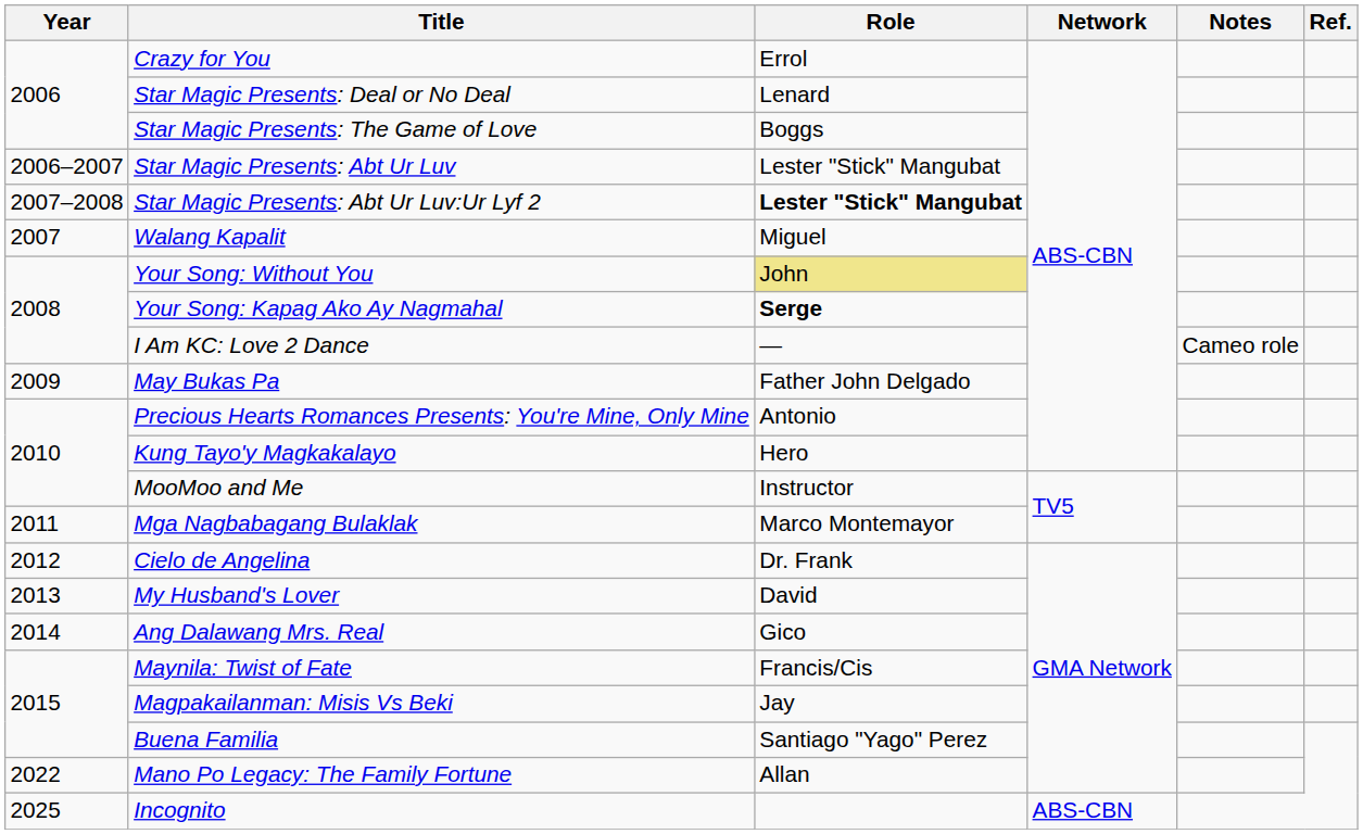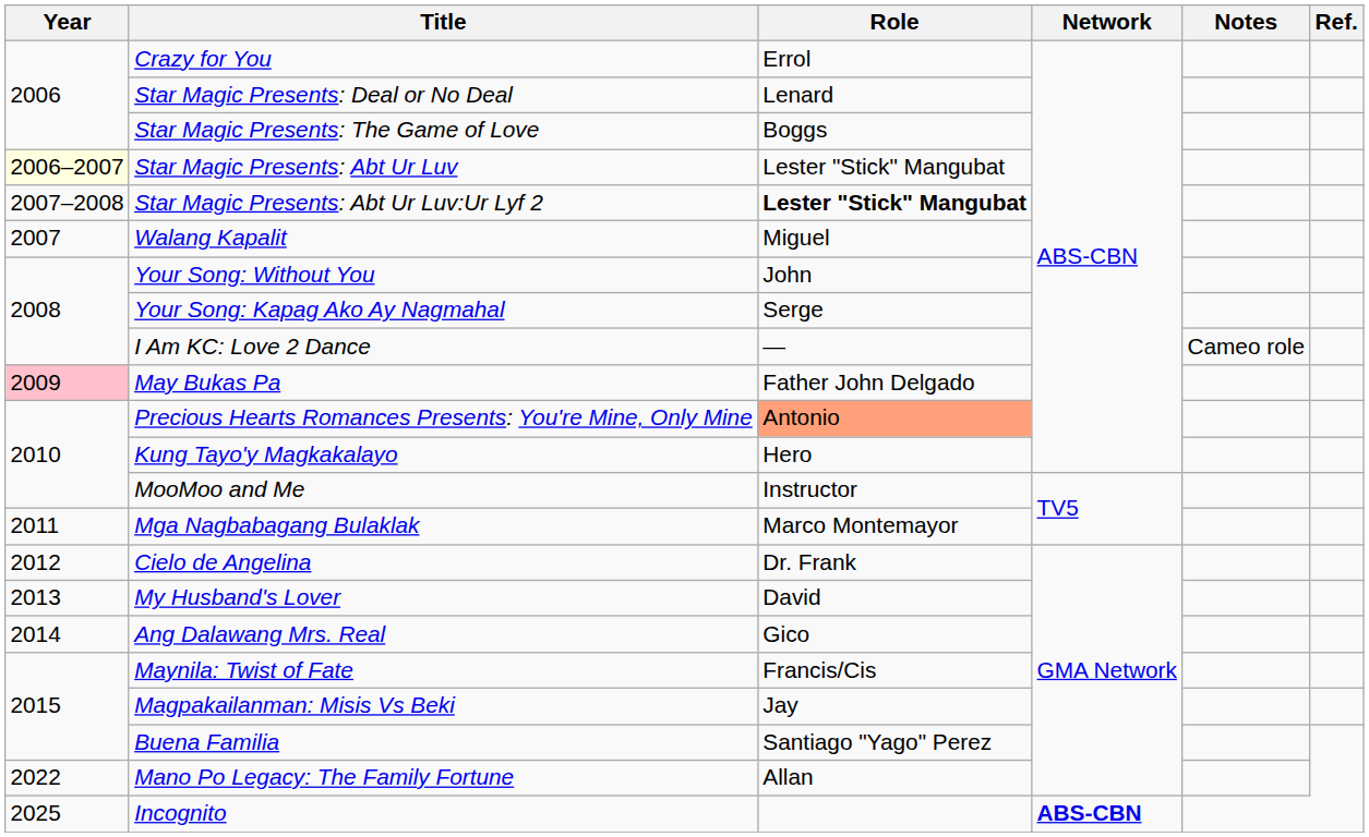 <table class="wikitable sortable">
 <tr>
 <th>Year</th>
 <th>Title</th>
 <th>Role</th>
 <th>Network</th>
 <th class="unsortable">Notes</th>
 <th>Ref.</th>
 </tr>
 <tr>
 <td rowspan="3">2006</td>
 <td><em><a href='#'>Crazy for You</a></em></td>
 <td>Errol</td>
 <td rowspan="12"><a href='#'>ABS-CBN</a></td>
 <td></td>
 <td></td>
 </tr>
 <tr>
 <td><em><a href='#'>Star Magic Presents</a>: Deal or No Deal</em></td>
 <td>Lenard</td>
 <td></td>
 <td></td>
 </tr>
 <tr>
 <td><em><a href='#'>Star Magic Presents</a>: The Game of Love</em></td>
 <td>Boggs</td>
 <td></td>
 <td></td>
 </tr>
 <tr>
-<td>2006–2007</td>
+<td style="background: lightyellow;">2006–2007</td>
 <td><em><a href='#'>Star Magic Presents</a>: <a href='#'>Abt Ur Luv</a></em></td>
 <td>Lester "Stick" Mangubat</td>
 <td></td>
 <td></td>
 </tr>
 <tr>
 <td>2007–2008</td>
 <td><em><a href='#'>Star Magic Presents</a>: Abt Ur Luv:Ur Lyf 2</em></td>
 <td><strong>Lester "Stick" Mangubat</strong></td>
 <td></td>
 <td></td>
 </tr>
 <tr>
 <td>2007</td>
 <td><em><a href='#'>Walang Kapalit</a></em></td>
 <td>Miguel</td>
 <td></td>
 <td></td>
 </tr>
 <tr>
 <td rowspan="3">2008</td>
 <td><em><a href='#'>Your Song: Without You</a></em></td>
-<td style="background: khaki;">John</td>
+<td>John</td>
 <td></td>
 <td></td>
 </tr>
 <tr>
 <td><em><a href='#'>Your Song: Kapag Ako Ay Nagmahal</a></em></td>
-<td><strong>Serge</strong></td>
+<td>Serge</td>
 <td></td>
 <td></td>
 </tr>
 <tr>
 <td><em>I Am KC: Love 2 Dance</em></td>
 <td>—</td>
 <td>Cameo role</td>
 <td></td>
 </tr>
 <tr>
-<td>2009</td>
+<td style="background: pink;">2009</td>
 <td><em><a href='#'>May Bukas Pa</a></em></td>
 <td>Father John Delgado</td>
 <td></td>
 <td></td>
 </tr>
 <tr>
 <td rowspan="3">2010</td>
 <td><em><a href='#'>Precious Hearts Romances Presents</a>: <a href='#'>You're Mine, Only Mine</a></em></td>
-<td>Antonio</td>
+<td style="background: lightsalmon;">Antonio</td>
 <td></td>
 <td></td>
 </tr>
 <tr>
 <td><em><a href='#'>Kung Tayo'y Magkakalayo</a></em></td>
 <td>Hero</td>
 <td></td>
 <td></td>
 </tr>
 <tr>
 <td><em>MooMoo and Me</em></td>
 <td>Instructor</td>
 <td rowspan="2"><a href='#'>TV5</a></td>
 <td></td>
 <td></td>
 </tr>
 <tr>
 <td>2011</td>
 <td><em><a href='#'>Mga Nagbabagang Bulaklak</a></em></td>
 <td>Marco Montemayor</td>
 <td></td>
 <td></td>
 </tr>
 <tr>
 <td>2012</td>
 <td><em><a href='#'>Cielo de Angelina</a></em></td>
 <td>Dr. Frank</td>
 <td rowspan="7"><a href='#'>GMA Network</a></td>
 <td></td>
 <td></td>
 </tr>
 <tr>
 <td>2013</td>
 <td><em><a href='#'>My Husband's Lover</a></em></td>
 <td>David</td>
 <td></td>
 <td></td>
 </tr>
 <tr>
 <td>2014</td>
 <td><em><a href='#'>Ang Dalawang Mrs. Real</a></em></td>
 <td>Gico</td>
 <td></td>
 <td></td>
 </tr>
 <tr>
 <td rowspan="3">2015</td>
 <td><em><a href='#'>Maynila: Twist of Fate</a></em></td>
 <td>Francis/Cis</td>
 <td></td>
 <td></td>
 </tr>
 <tr>
 <td><em><a href='#'>Magpakailanman: Misis Vs Beki</a></em></td>
 <td>Jay</td>
 <td></td>
 <td></td>
 </tr>
 <tr>
 <td><em><a href='#'>Buena Familia</a></em></td>
 <td>Santiago "Yago" Perez</td>
 <td></td>
 </tr>
 <tr>
 <td>2022</td>
 <td><em><a href='#'>Mano Po Legacy: The Family Fortune</a></em></td>
 <td>Allan</td>
 <td></td>
 </tr>
 <tr>
 <td>2025</td>
 <td><em><a href='#'>Incognito</a></em></td>
 <td></td>
-<td><a href='#'>ABS-CBN</a></td>
+<td><strong><a href='#'>ABS-CBN</a></strong></td>
 </tr>
 </table>
